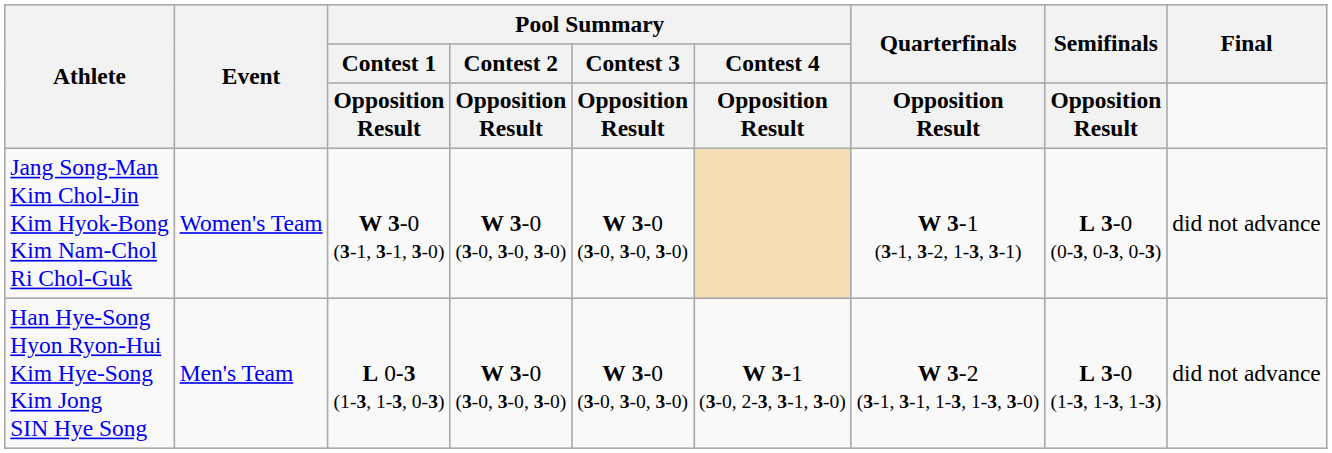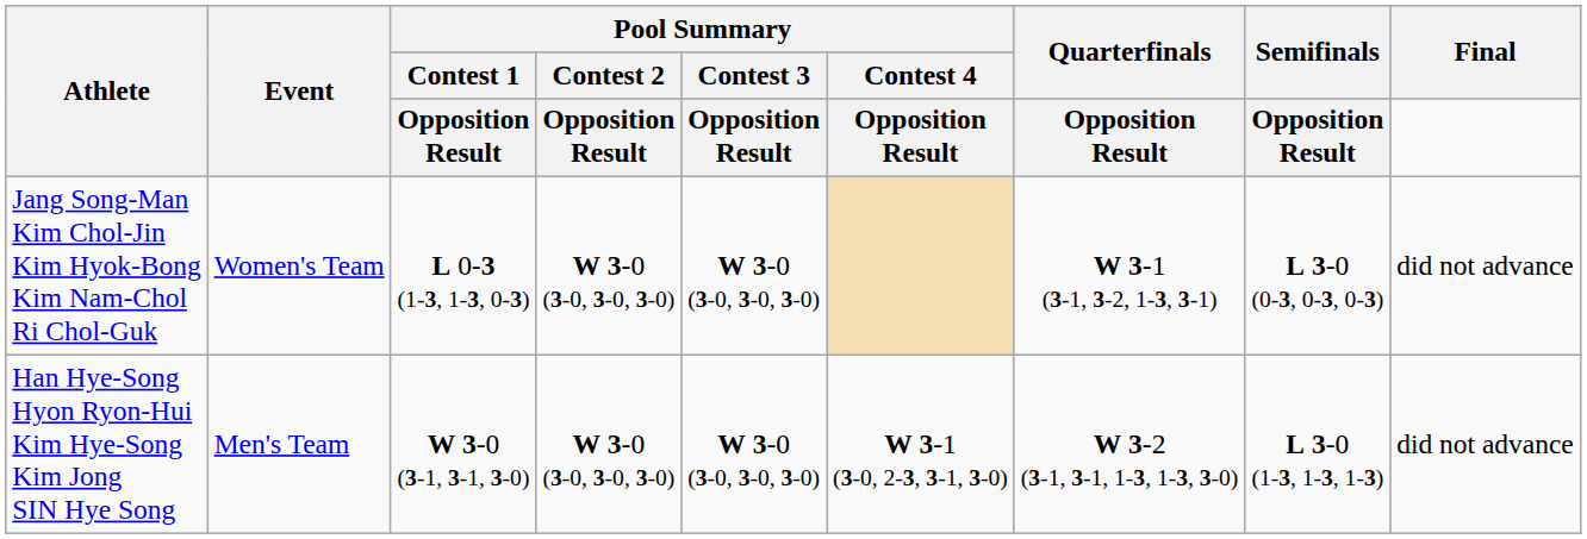 <table class="wikitable" border="1" style="font-size:90%">
 <tr>
 <th rowspan=3>Athlete</th>
 <th rowspan=3>Event</th>
 <th colspan=4>Pool Summary</th>
 <th rowspan=2>Quarterfinals</th>
 <th rowspan=2>Semifinals</th>
 <th rowspan=2>Final</th>
 </tr>
 <tr>
 <th>Contest 1</th>
 <th>Contest 2</th>
 <th>Contest 3</th>
 <th>Contest 4</th>
 </tr>
 <tr>
 <th>Opposition<br>Result</th>
 <th>Opposition<br>Result</th>
 <th>Opposition<br>Result</th>
 <th>Opposition<br>Result</th>
 <th>Opposition<br>Result</th>
 <th>Opposition<br>Result</th>
 </tr>
 <tr>
 <td><a href='#'>Jang Song-Man</a><br><a href='#'>Kim Chol-Jin</a><br><a href='#'>Kim Hyok-Bong</a><br><a href='#'>Kim Nam-Chol</a><br><a href='#'>Ri Chol-Guk</a></td>
 <td><a href='#'>Women's Team</a></td>
-<td align=center><br><strong>W</strong> <strong>3</strong>-0<br><small>(<strong>3</strong>-1, <strong>3</strong>-1, <strong>3</strong>-0)</small></td>
+<td align=center><br><strong>L</strong> 0-<strong>3</strong><br><small>(1-<strong>3</strong>, 1-<strong>3</strong>, 0-<strong>3</strong>)</small></td>
 <td align=center><br><strong>W</strong> <strong>3</strong>-0<br><small>(<strong>3</strong>-0, <strong>3</strong>-0, <strong>3</strong>-0)</small></td>
 <td align=center><br><strong>W</strong> <strong>3</strong>-0<br><small>(<strong>3</strong>-0, <strong>3</strong>-0, <strong>3</strong>-0)</small></td>
 <td align=center bgcolor=wheat></td>
 <td align=center><br><strong>W</strong> <strong>3</strong>-1<br><small>(<strong>3</strong>-1, <strong>3</strong>-2, 1-<strong>3</strong>, <strong>3</strong>-1)</small></td>
 <td align=center><br><strong>L</strong> <strong>3</strong>-0<br><small>(0-<strong>3</strong>, 0-<strong>3</strong>, 0-<strong>3</strong>)</small><br></td>
 <td align=center colspan="7">did not advance</td>
 </tr>
 <tr>
 <td><a href='#'>Han Hye-Song</a><br><a href='#'>Hyon Ryon-Hui</a><br><a href='#'>Kim Hye-Song</a><br><a href='#'>Kim Jong</a><br><a href='#'>SIN Hye Song</a></td>
 <td><a href='#'>Men's Team</a></td>
-<td align=center><br><strong>L</strong> 0-<strong>3</strong><br><small>(1-<strong>3</strong>, 1-<strong>3</strong>, 0-<strong>3</strong>)</small></td>
+<td align=center><br><strong>W</strong> <strong>3</strong>-0<br><small>(<strong>3</strong>-1, <strong>3</strong>-1, <strong>3</strong>-0)</small></td>
 <td align=center><br><strong>W</strong> <strong>3</strong>-0<br><small>(<strong>3</strong>-0, <strong>3</strong>-0, <strong>3</strong>-0)</small></td>
 <td align=center><br><strong>W</strong> <strong>3</strong>-0<br><small>(<strong>3</strong>-0, <strong>3</strong>-0, <strong>3</strong>-0)</small></td>
 <td align=center><br><strong>W</strong> <strong>3</strong>-1<br><small>(<strong>3</strong>-0, 2-<strong>3</strong>, <strong>3</strong>-1, <strong>3</strong>-0)</small></td>
 <td align=center><br><strong>W</strong> <strong>3</strong>-2<br><small>(<strong>3</strong>-1, <strong>3</strong>-1, 1-<strong>3</strong>, 1-<strong>3</strong>, <strong>3</strong>-0)</small></td>
 <td align=center><br><strong>L</strong> <strong>3</strong>-0<br><small>(1-<strong>3</strong>, 1-<strong>3</strong>, 1-<strong>3</strong>)</small><br></td>
 <td align=center colspan="7">did not advance</td>
 </tr>
 </table>
